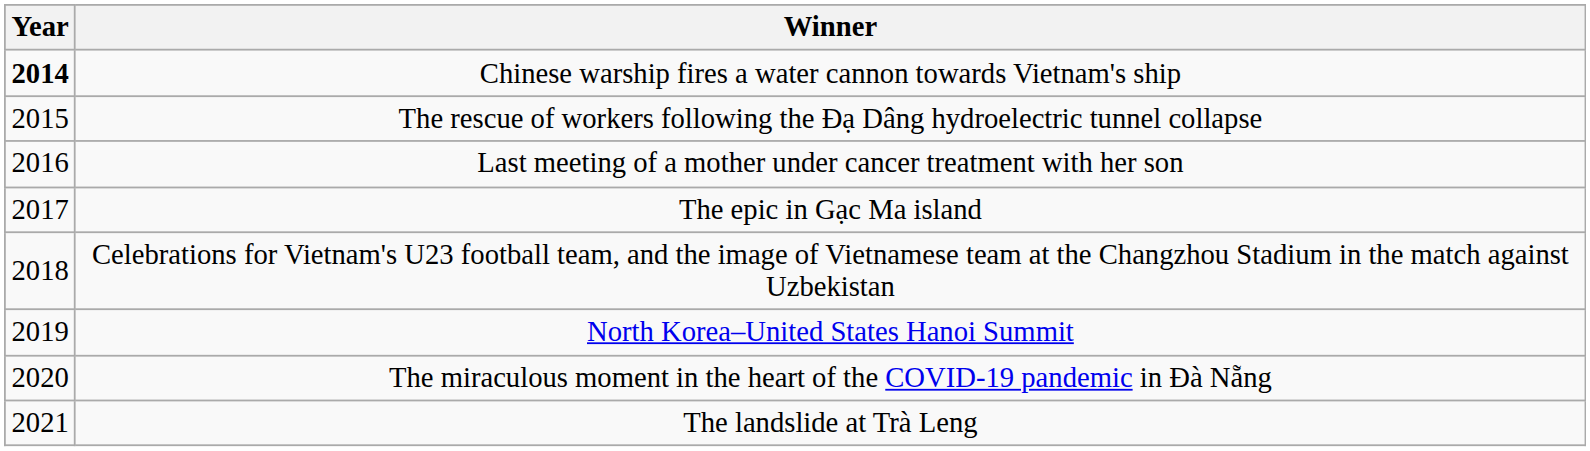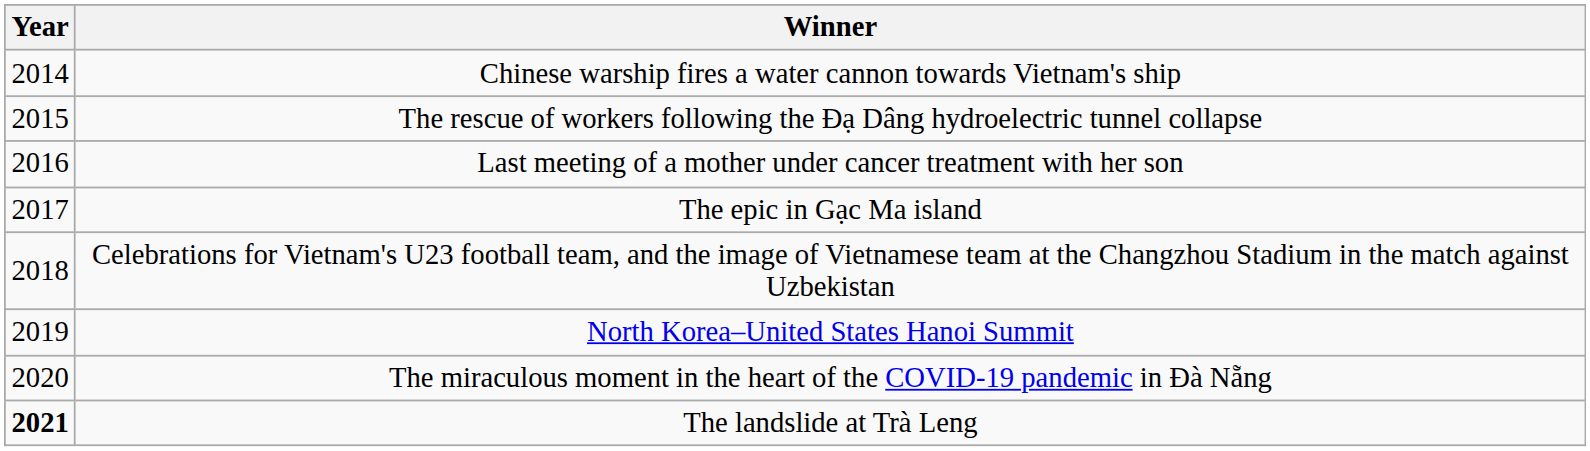 <table class="wikitable" style="text-align: center; width:100%">
 <tr>
 <th>Year</th>
 <th>Winner</th>
 </tr>
 <tr>
-<td><strong>2014</strong></td>
+<td>2014</td>
 <td>Chinese warship fires a water cannon towards Vietnam's ship</td>
 </tr>
 <tr>
 <td>2015</td>
 <td>The rescue of workers following the Đạ Dâng hydroelectric tunnel collapse</td>
 </tr>
 <tr>
 <td>2016</td>
 <td>Last meeting of a mother under cancer treatment with her son</td>
 </tr>
 <tr>
 <td>2017</td>
 <td>The epic in Gạc Ma island</td>
 </tr>
 <tr>
 <td>2018</td>
 <td>Celebrations for Vietnam's U23 football team, and the image of Vietnamese team at the Changzhou Stadium in the match against Uzbekistan</td>
 </tr>
 <tr>
 <td>2019</td>
 <td><a href='#'>North Korea–United States Hanoi Summit</a></td>
 </tr>
 <tr>
 <td>2020</td>
 <td>The miraculous moment in the heart of the <a href='#'>COVID-19 pandemic</a> in Đà Nẵng</td>
 </tr>
 <tr>
-<td>2021</td>
+<td><strong>2021</strong></td>
 <td>The landslide at Trà Leng</td>
 </tr>
 </table>
